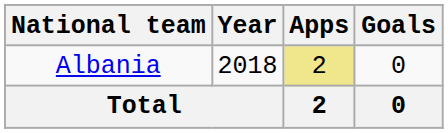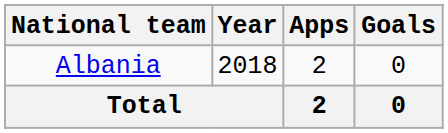 <table class=wikitable style="text-align: center;">
 <tr>
 <th>National team</th>
 <th>Year</th>
 <th>Apps</th>
 <th>Goals</th>
 </tr>
 <tr>
 <td rowspan=1><a href='#'>Albania</a></td>
 <td>2018</td>
-<td style="background: khaki;">2</td>
+<td>2</td>
 <td>0</td>
 </tr>
 <tr>
 <th colspan=2>Total</th>
 <th>2</th>
 <th>0</th>
 </tr>
 </table>
